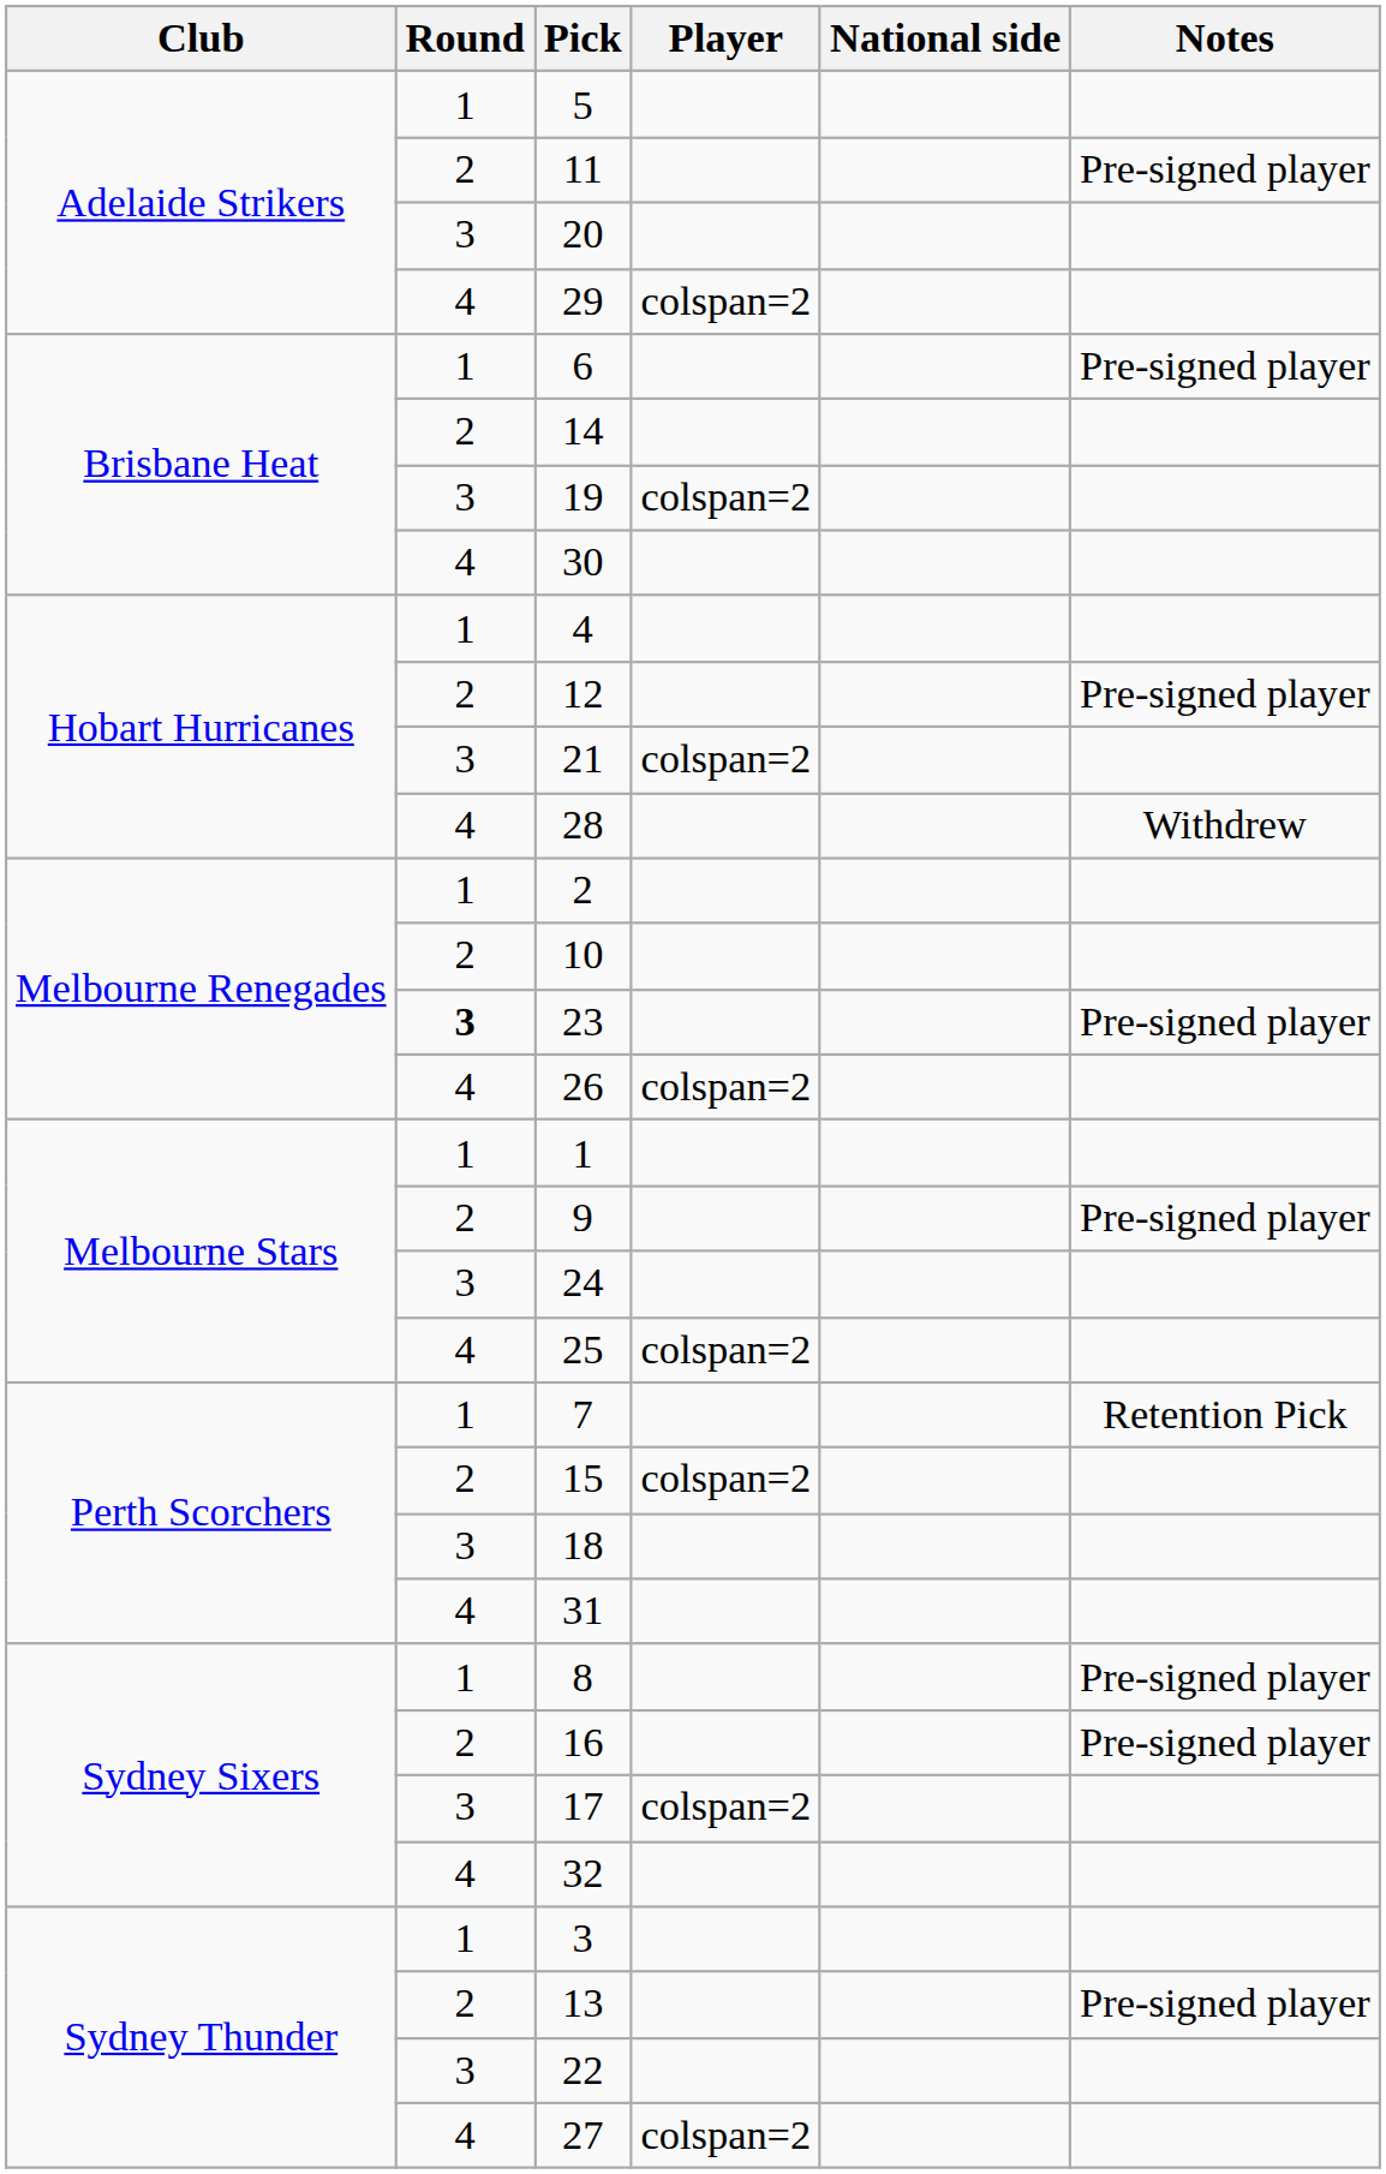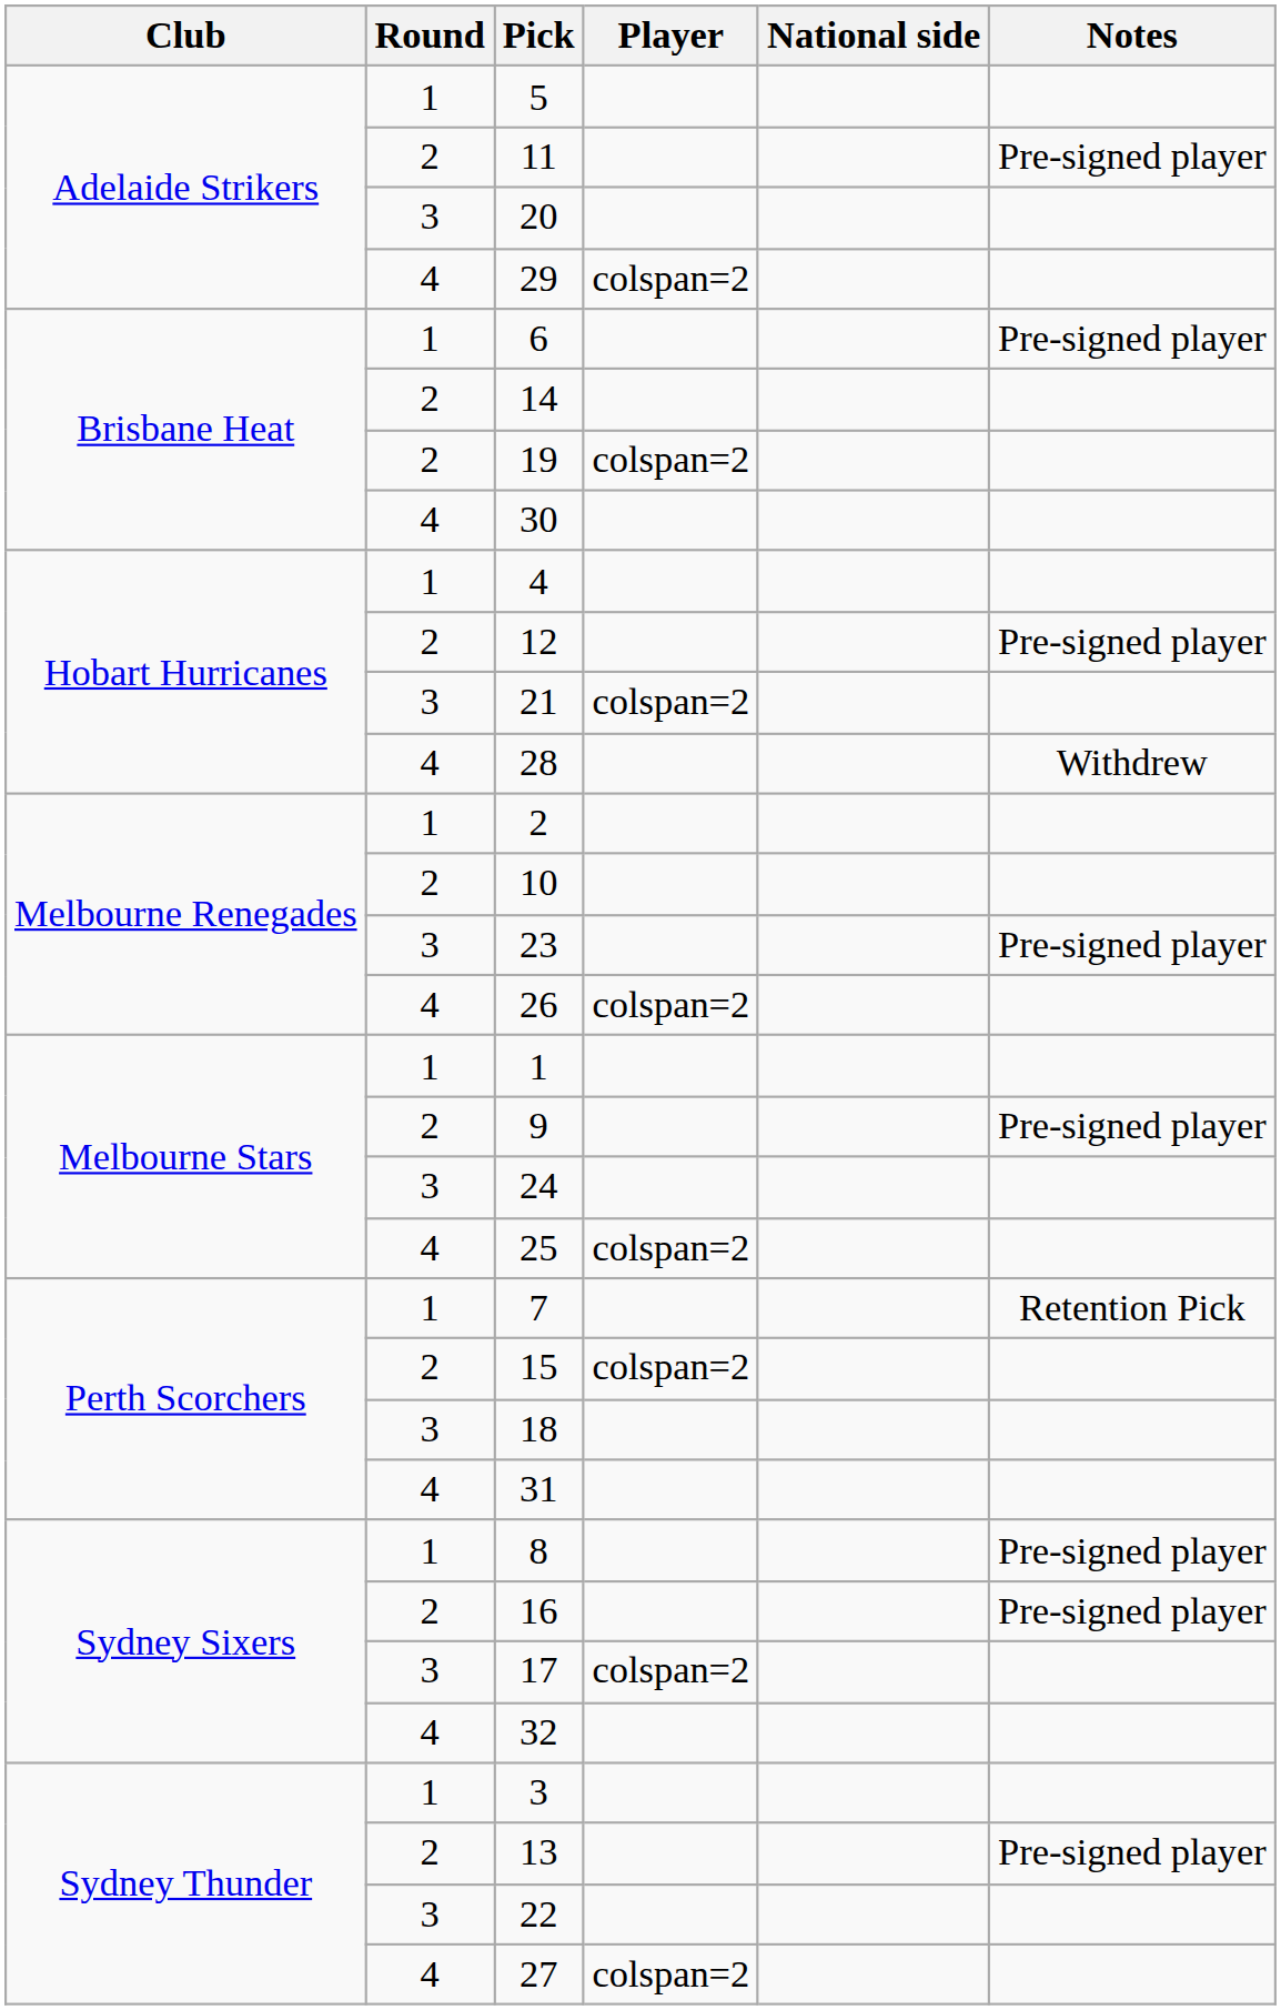 <table class="wikitable" style="text-align:center;">
 <tr>
 <th>Club</th>
 <th>Round</th>
 <th>Pick</th>
 <th>Player</th>
 <th>National side</th>
 <th>Notes</th>
 </tr>
 <tr>
 <td rowspan="4"> <a href='#'>Adelaide Strikers</a></td>
 <td>1</td>
 <td>5</td>
 <td></td>
 <td></td>
 <td></td>
 </tr>
 <tr>
 <td>2</td>
 <td>11</td>
 <td></td>
 <td></td>
 <td>Pre-signed player</td>
 </tr>
 <tr>
 <td>3</td>
 <td>20</td>
 <td></td>
 <td></td>
 <td></td>
 </tr>
 <tr>
 <td>4</td>
 <td>29</td>
 <td>colspan=2</td>
 <td></td>
 </tr>
 <tr>
 <td rowspan="4">  <a href='#'>Brisbane Heat</a></td>
 <td>1</td>
 <td>6</td>
 <td></td>
 <td></td>
 <td>Pre-signed player</td>
 </tr>
 <tr>
 <td>2</td>
 <td>14</td>
 <td></td>
 <td></td>
 <td></td>
 </tr>
 <tr>
-<td>3</td>
+<td>2</td>
 <td>19</td>
 <td>colspan=2</td>
 <td></td>
 </tr>
 <tr>
 <td>4</td>
 <td>30</td>
 <td></td>
 <td></td>
 <td></td>
 </tr>
 <tr>
 <td rowspan="4"> <a href='#'>Hobart Hurricanes</a></td>
 <td>1</td>
 <td>4</td>
 <td></td>
 <td></td>
 <td></td>
 </tr>
 <tr>
 <td>2</td>
 <td>12</td>
 <td></td>
 <td></td>
 <td>Pre-signed player</td>
 </tr>
 <tr>
 <td>3</td>
 <td>21</td>
 <td>colspan=2</td>
 <td></td>
 </tr>
 <tr>
 <td>4</td>
 <td>28</td>
 <td></td>
 <td></td>
 <td>Withdrew</td>
 </tr>
 <tr>
 <td rowspan="4"> <a href='#'>Melbourne Renegades</a></td>
 <td>1</td>
 <td>2</td>
 <td></td>
 <td></td>
 <td></td>
 </tr>
 <tr>
 <td>2</td>
 <td>10</td>
 <td></td>
 <td></td>
 <td></td>
 </tr>
 <tr>
-<td><strong>3</strong></td>
+<td>3</td>
 <td>23</td>
 <td></td>
 <td></td>
 <td>Pre-signed player</td>
 </tr>
 <tr>
 <td>4</td>
 <td>26</td>
 <td>colspan=2</td>
 <td></td>
 </tr>
 <tr>
 <td rowspan="4"> <a href='#'>Melbourne Stars</a></td>
 <td>1</td>
 <td>1</td>
 <td></td>
 <td></td>
 <td></td>
 </tr>
 <tr>
 <td>2</td>
 <td>9</td>
 <td></td>
 <td></td>
 <td>Pre-signed player</td>
 </tr>
 <tr>
 <td>3</td>
 <td>24</td>
 <td></td>
 <td></td>
 <td></td>
 </tr>
 <tr>
 <td>4</td>
 <td>25</td>
 <td>colspan=2</td>
 <td></td>
 </tr>
 <tr>
 <td rowspan="4"> <a href='#'>Perth Scorchers</a></td>
 <td>1</td>
 <td>7</td>
 <td></td>
 <td></td>
 <td>Retention Pick</td>
 </tr>
 <tr>
 <td>2</td>
 <td>15</td>
 <td>colspan=2</td>
 <td></td>
 </tr>
 <tr>
 <td>3</td>
 <td>18</td>
 <td></td>
 <td></td>
 <td></td>
 </tr>
 <tr>
 <td>4</td>
 <td>31</td>
 <td></td>
 <td></td>
 <td></td>
 </tr>
 <tr>
 <td rowspan="4"> <a href='#'>Sydney Sixers</a></td>
 <td>1</td>
 <td>8</td>
 <td></td>
 <td></td>
 <td>Pre-signed player</td>
 </tr>
 <tr>
 <td>2</td>
 <td>16</td>
 <td></td>
 <td></td>
 <td>Pre-signed player</td>
 </tr>
 <tr>
 <td>3</td>
 <td>17</td>
 <td>colspan=2</td>
 <td></td>
 </tr>
 <tr>
 <td>4</td>
 <td>32</td>
 <td></td>
 <td></td>
 <td></td>
 </tr>
 <tr>
 <td rowspan="4"> <a href='#'>Sydney Thunder</a></td>
 <td>1</td>
 <td>3</td>
 <td></td>
 <td></td>
 <td></td>
 </tr>
 <tr>
 <td>2</td>
 <td>13</td>
 <td></td>
 <td></td>
 <td>Pre-signed player</td>
 </tr>
 <tr>
 <td>3</td>
 <td>22</td>
 <td></td>
 <td></td>
 <td></td>
 </tr>
 <tr>
 <td>4</td>
 <td>27</td>
 <td>colspan=2</td>
 <td></td>
 </tr>
 </table>
